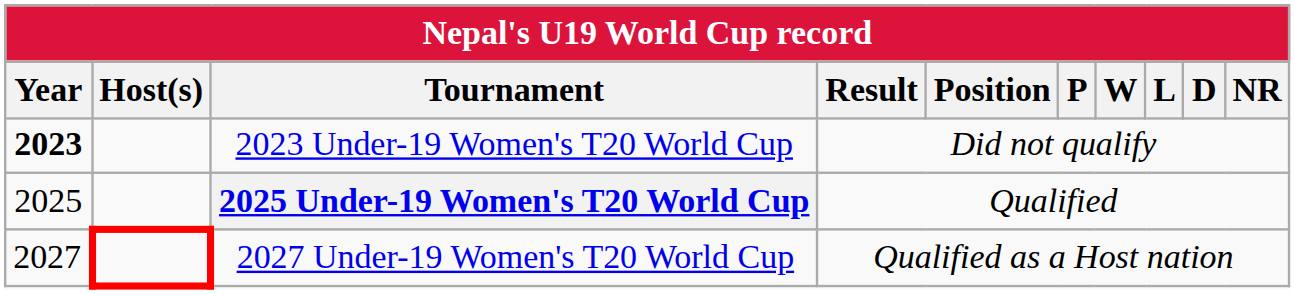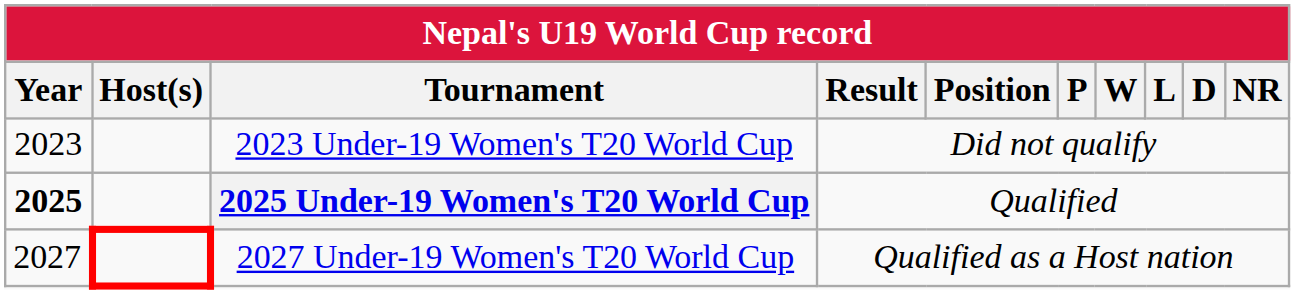 <table class="wikitable" style="font-size:90%; text-align:center;">
 <tr>
 <th style="color:white; background:#DC143C;" colspan=10>Nepal's U19 World Cup record</th>
 </tr>
 <tr>
 <th>Year</th>
 <th>Host(s)</th>
 <th>Tournament</th>
 <th>Result</th>
 <th>Position</th>
 <th>P</th>
 <th>W</th>
 <th>L</th>
 <th>D</th>
 <th>NR</th>
 </tr>
 <tr>
-<td><strong>2023</strong></td>
+<td>2023</td>
 <td></td>
 <td><a href='#'>2023 Under-19 Women's T20 World Cup</a></td>
 <td colspan="7"><em>Did not qualify</em></td>
 </tr>
 <tr>
-<td>2025</td>
+<td><strong>2025</strong></td>
 <td></td>
 <th><a href='#'>2025 Under-19 Women's T20 World Cup</a></th>
 <td colspan="7"><em>Qualified</em></td>
 </tr>
 <tr>
 <td>2027</td>
 <td style="border:3px solid red"> </td>
 <td><a href='#'>2027 Under-19 Women's T20 World Cup</a></td>
 <td colspan="7"><em>Qualified as a Host nation</em></td>
 </tr>
 </table>
